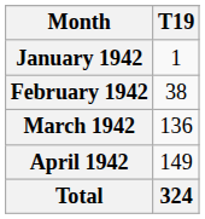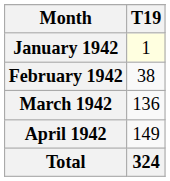 <table class="wikitable">
 <tr style="vertical-align:top; text-align:center; ">
 </tr>
 <tr style="vertical-align:top; text-align:center;">
 <th>Month</th>
 <th>T19</th>
 </tr>
 <tr style="vertical-align:top; text-align:center;">
 <th>January 1942</th>
-<td>1</td>
+<td style="background: lightyellow;">1</td>
 </tr>
 <tr style="vertical-align:top; text-align:center;">
 <th>February 1942</th>
 <td>38</td>
 </tr>
 <tr style="vertical-align:top; text-align:center;">
 <th>March 1942</th>
 <td>136</td>
 </tr>
 <tr style="vertical-align:top; text-align:center;">
 <th>April 1942</th>
 <td>149</td>
 </tr>
 <tr style="vertical-align:top; text-align:center;">
 <th>Total</th>
 <th>324</th>
 </tr>
 </table>
